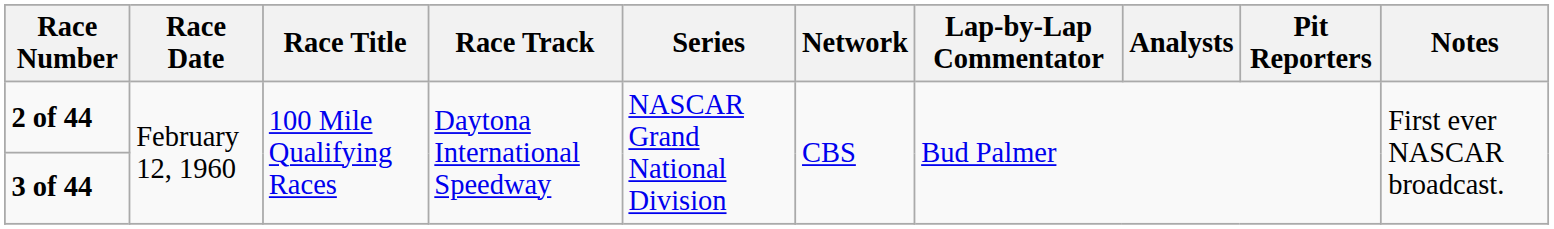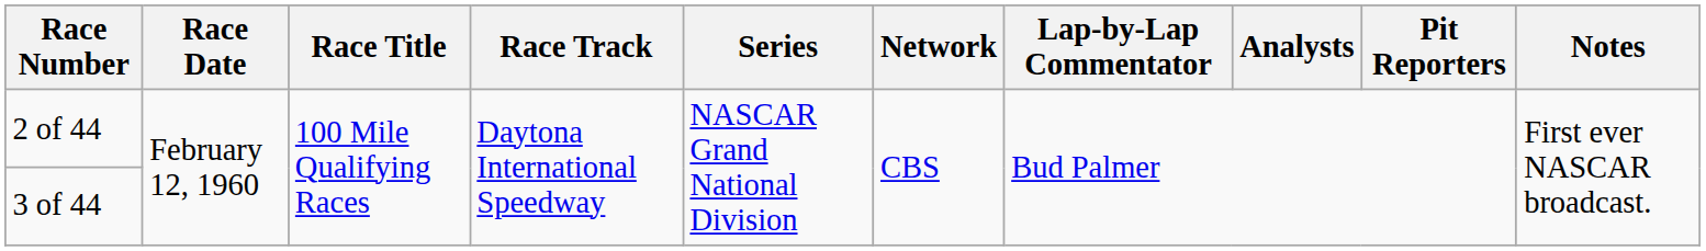 <table class="wikitable sortable” style=“font-size:85%;”">
 <tr>
 <th>Race Number</th>
 <th>Race Date</th>
 <th>Race Title</th>
 <th>Race Track</th>
 <th>Series</th>
 <th>Network</th>
 <th>Lap-by-Lap Commentator</th>
 <th>Analysts</th>
 <th>Pit Reporters</th>
 <th>Notes</th>
 </tr>
 <tr>
-<td><strong>2 of 44</strong></td>
+<td>2 of 44</td>
 <td rowspan=2>February 12, 1960</td>
 <td rowspan=2><a href='#'>100 Mile Qualifying Races</a></td>
 <td rowspan=2><a href='#'>Daytona International Speedway</a></td>
 <td rowspan=2><a href='#'>NASCAR Grand National Division</a></td>
 <td rowspan=2><a href='#'>CBS</a></td>
 <td rowspan=2 colspan=3><a href='#'>Bud Palmer</a></td>
 <td rowspan=2>First ever NASCAR broadcast.</td>
 </tr>
 <tr>
-<td><strong>3 of 44</strong></td>
+<td>3 of 44</td>
 </tr>
 </table>
